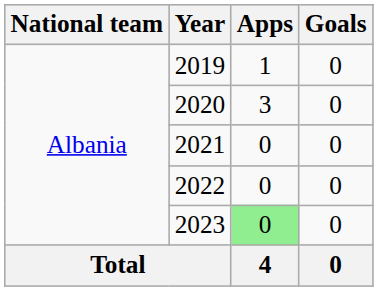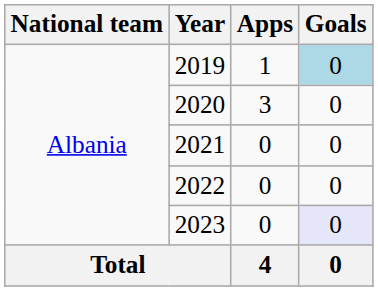 <table class="wikitable" style="text-align:center">
 <tr>
 <th>National team</th>
 <th>Year</th>
 <th>Apps</th>
 <th>Goals</th>
 </tr>
 <tr>
 <td rowspan="5"><a href='#'>Albania</a></td>
 <td>2019</td>
 <td>1</td>
-<td>0</td>
+<td style="background: lightblue;">0</td>
 </tr>
 <tr>
 <td>2020</td>
 <td>3</td>
 <td>0</td>
 </tr>
 <tr>
 <td>2021</td>
 <td>0</td>
 <td>0</td>
 </tr>
 <tr>
 <td>2022</td>
 <td>0</td>
 <td>0</td>
 </tr>
 <tr>
 <td>2023</td>
-<td style="background: lightgreen;">0</td>
 <td>0</td>
+<td style="background: lavender;">0</td>
 </tr>
 <tr>
 <th colspan="2">Total</th>
 <th>4</th>
 <th>0</th>
 </tr>
 </table>
